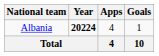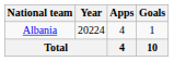 <table class="wikitable" style="text-align: center">
 <tr>
 <th>National team</th>
 <th>Year</th>
 <th>Apps</th>
 <th>Goals</th>
 </tr>
 <tr>
 <td><a href='#'>Albania</a></td>
-<td><strong>20224</strong></td>
+<td>20224</td>
 <td>4</td>
 <td>1</td>
 </tr>
 <tr>
 <th colspan="2">Total</th>
 <th>4</th>
 <th>10</th>
 </tr>
 </table>
